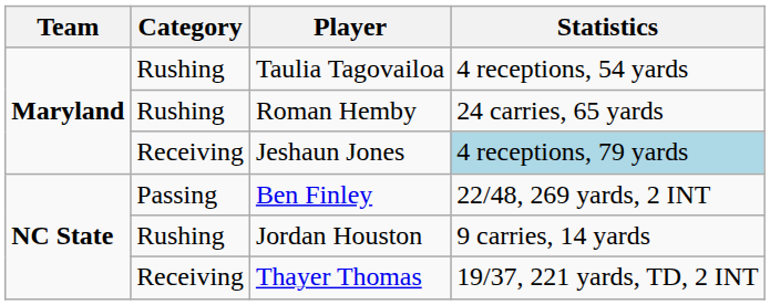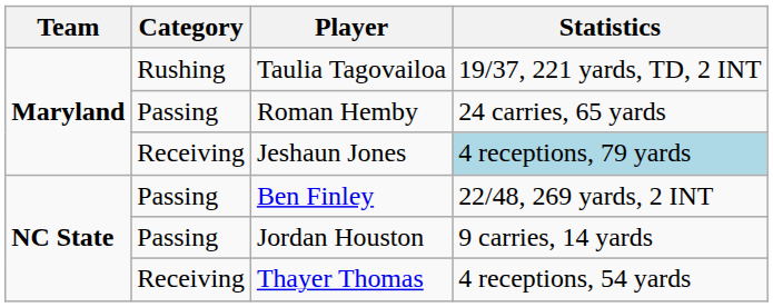 <table class="wikitable" style="float: left;">
 <tr>
 <th>Team</th>
 <th>Category</th>
 <th>Player</th>
 <th>Statistics</th>
 </tr>
 <tr>
 <td rowspan=3><strong>Maryland</strong></td>
 <td>Rushing</td>
 <td>Taulia Tagovailoa</td>
-<td>4 receptions, 54 yards</td>
+<td>19/37, 221 yards, TD, 2 INT</td>
 </tr>
 <tr>
-<td>Rushing</td>
+<td>Passing</td>
 <td>Roman Hemby</td>
 <td>24 carries, 65 yards</td>
 </tr>
 <tr>
 <td>Receiving</td>
 <td>Jeshaun Jones</td>
 <td style="background: lightblue;">4 receptions, 79 yards</td>
 </tr>
 <tr>
 <td rowspan=3><strong>NC State</strong></td>
 <td>Passing</td>
 <td><a href='#'>Ben Finley</a></td>
 <td>22/48, 269 yards, 2 INT</td>
 </tr>
 <tr>
-<td>Rushing</td>
+<td>Passing</td>
 <td>Jordan Houston</td>
 <td>9 carries, 14 yards</td>
 </tr>
 <tr>
 <td>Receiving</td>
 <td><a href='#'>Thayer Thomas</a></td>
-<td>19/37, 221 yards, TD, 2 INT</td>
+<td>4 receptions, 54 yards</td>
 </tr>
 </table>
